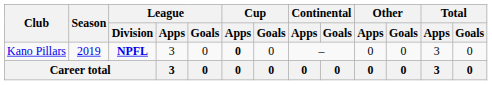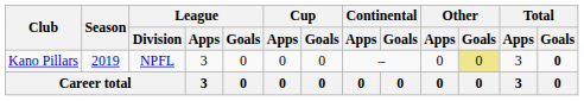 <table class="wikitable" style="text-align: center">
 <tr>
 <th rowspan="2">Club</th>
 <th rowspan="2">Season</th>
 <th colspan="3">League</th>
 <th colspan="2">Cup</th>
 <th colspan="2">Continental</th>
 <th colspan="2">Other</th>
 <th colspan="2">Total</th>
 </tr>
 <tr>
 <th>Division</th>
 <th>Apps</th>
 <th>Goals</th>
 <th>Apps</th>
 <th>Goals</th>
 <th>Apps</th>
 <th>Goals</th>
 <th>Apps</th>
 <th>Goals</th>
 <th>Apps</th>
 <th>Goals</th>
 </tr>
 <tr>
 <td><a href='#'>Kano Pillars</a></td>
 <td><a href='#'>2019</a></td>
-<td><strong><a href='#'>NPFL</a></strong></td>
+<td><a href='#'>NPFL</a></td>
 <td>3</td>
 <td>0</td>
-<td><strong>0</strong></td>
+<td>0</td>
 <td>0</td>
 <td colspan="2">–</td>
 <td>0</td>
-<td>0</td>
+<td style="background: khaki;">0</td>
 <td>3</td>
-<td>0</td>
+<td><strong>0</strong></td>
 </tr>
 <tr>
 <th colspan="3"><strong>Career total</strong></th>
 <th>3</th>
 <th>0</th>
 <th>0</th>
 <th>0</th>
 <th>0</th>
 <th>0</th>
 <th>0</th>
 <th>0</th>
 <th>3</th>
 <th>0</th>
 </tr>
 </table>
